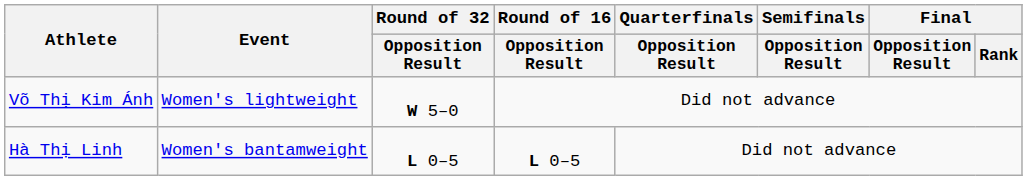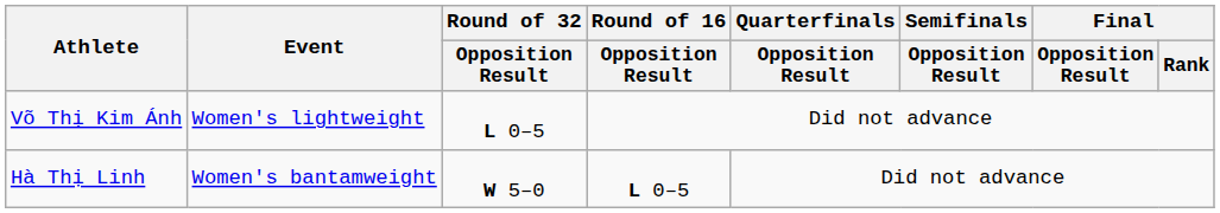 <table class="wikitable" style="font-size:90%">
 <tr>
 <th rowspan="2">Athlete</th>
 <th rowspan="2">Event</th>
 <th>Round of 32</th>
 <th>Round of 16</th>
 <th>Quarterfinals</th>
 <th>Semifinals</th>
 <th colspan=2>Final</th>
 </tr>
 <tr style="font-size:95%">
 <th>Opposition<br>Result</th>
 <th>Opposition<br>Result</th>
 <th>Opposition<br>Result</th>
 <th>Opposition<br>Result</th>
 <th>Opposition<br>Result</th>
 <th>Rank</th>
 </tr>
 <tr align=center>
 <td align=left><a href='#'>Võ Thị Kim Ánh</a></td>
 <td align=left><a href='#'>Women's lightweight</a></td>
-<td><br><strong>W</strong> 5–0</td>
+<td><br><strong>L</strong> 0–5</td>
 <td colspan=5>Did not advance</td>
 </tr>
 <tr align=center>
 <td align=left><a href='#'>Hà Thị Linh</a></td>
 <td align=left><a href='#'>Women's bantamweight</a></td>
-<td><br><strong>L</strong> 0–5</td>
+<td><br><strong>W</strong> 5–0</td>
 <td><br><strong>L</strong> 0–5</td>
 <td colspan=4>Did not advance</td>
 </tr>
 </table>
